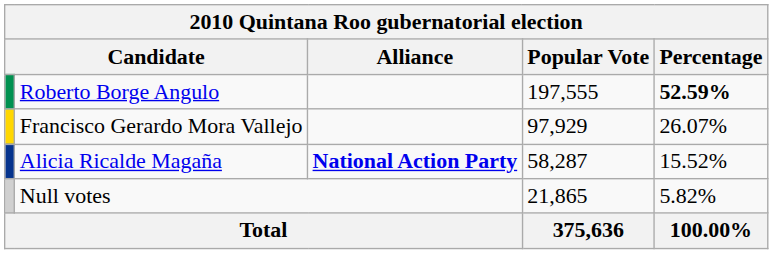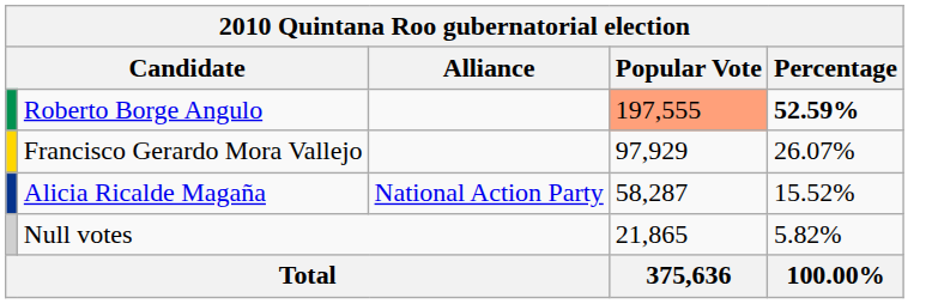 <table class="wikitable">
 <tr>
 <th colspan="5">2010 Quintana Roo gubernatorial election</th>
 </tr>
 <tr>
 <th colspan="2">Candidate</th>
 <th>Alliance</th>
 <th>Popular Vote</th>
 <th>Percentage</th>
 </tr>
 <tr>
 <td bgcolor="#009150" data-darkreader-inline-bgcolor=""></td>
 <td><a href='#'>Roberto Borge Angulo</a></td>
 <td></td>
-<td>197,555</td>
+<td style="background: lightsalmon;">197,555</td>
 <td><strong>52.59%</strong></td>
 </tr>
 <tr>
 <td bgcolor="#FFD700" data-darkreader-inline-bgcolor=""></td>
 <td>Francisco Gerardo Mora Vallejo</td>
 <td></td>
 <td>97,929</td>
 <td>26.07%</td>
 </tr>
 <tr>
 <td bgcolor="#05338D" data-darkreader-inline-bgcolor=""></td>
 <td><a href='#'>Alicia Ricalde Magaña</a></td>
-<td><strong><a href='#'>National Action Party</a></strong></td>
+<td><a href='#'>National Action Party</a></td>
 <td>58,287</td>
 <td>15.52%</td>
 </tr>
 <tr>
 <td bgcolor="#D0D0D0" data-darkreader-inline-bgcolor=""></td>
 <td colspan="2">Null votes</td>
 <td>21,865</td>
 <td>5.82%</td>
 </tr>
 <tr>
 <th colspan="3">Total</th>
 <th>375,636</th>
 <th>100.00%</th>
 </tr>
 </table>
